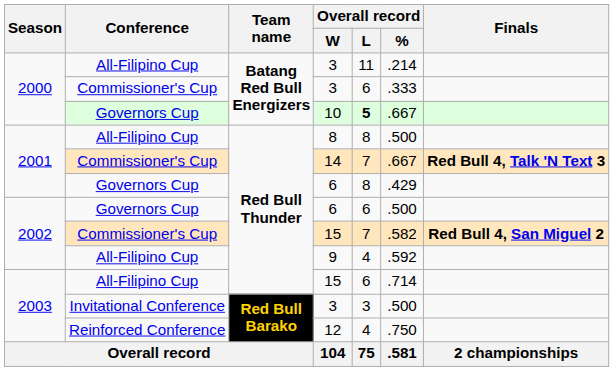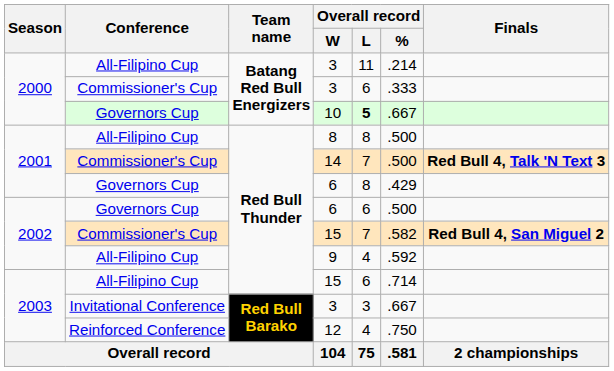 <table class=wikitable style="text-align:center;">
 <tr>
 <th rowspan=2>Season</th>
 <th rowspan=2>Conference</th>
 <th width=60px rowspan=2>Team name</th>
 <th colspan=3>Overall record</th>
 <th rowspan=2>Finals</th>
 </tr>
 <tr>
 <th>W</th>
 <th>L</th>
 <th>%</th>
 </tr>
 <tr>
 <td rowspan=3><a href='#'>2000</a></td>
 <td><a href='#'>All-Filipino Cup</a></td>
 <td rowspan=3><strong>Batang Red Bull Energizers</strong></td>
 <td>3</td>
 <td>11</td>
 <td>.214</td>
 <td></td>
 </tr>
 <tr>
 <td><a href='#'>Commissioner's Cup</a></td>
 <td>3</td>
 <td>6</td>
 <td>.333</td>
 <td></td>
 </tr>
 <tr bgcolor=DDFFDD>
 <td><a href='#'>Governors Cup</a></td>
 <td>10</td>
 <td><strong>5</strong></td>
 <td>.667</td>
 <td></td>
 </tr>
 <tr>
 <td rowspan=3><a href='#'>2001</a></td>
 <td><a href='#'>All-Filipino Cup</a></td>
 <td rowspan=7><strong>Red Bull Thunder</strong></td>
 <td>8</td>
 <td>8</td>
 <td>.500</td>
 <td></td>
 </tr>
 <tr bgcolor=#FFE6BD>
 <td><a href='#'>Commissioner's Cup</a></td>
 <td>14</td>
 <td>7</td>
-<td>.667</td>
+<td>.500</td>
 <td><strong>Red Bull 4, <a href='#'>Talk 'N Text</a> 3</strong></td>
 </tr>
 <tr>
 <td><a href='#'>Governors Cup</a></td>
 <td>6</td>
 <td>8</td>
 <td>.429</td>
 <td></td>
 </tr>
 <tr>
 <td rowspan=3><a href='#'>2002</a></td>
 <td><a href='#'>Governors Cup</a></td>
 <td>6</td>
 <td>6</td>
 <td>.500</td>
 <td></td>
 </tr>
 <tr bgcolor=#FFE6BD>
 <td><a href='#'>Commissioner's Cup</a></td>
 <td>15</td>
 <td>7</td>
 <td>.582</td>
 <td><strong>Red Bull 4, <a href='#'>San Miguel</a> 2</strong></td>
 </tr>
 <tr>
 <td><a href='#'>All-Filipino Cup</a></td>
 <td>9</td>
 <td>4</td>
 <td>.592</td>
 <td></td>
 </tr>
 <tr>
 <td rowspan=3><a href='#'>2003</a></td>
 <td><a href='#'>All-Filipino Cup</a></td>
 <td>15</td>
 <td>6</td>
 <td>.714</td>
 <td></td>
 </tr>
 <tr>
 <td><a href='#'>Invitational Conference</a></td>
 <td rowspan=2 style="background:#000000; color:#FFD300; "><span><strong>Red Bull Barako</strong></span></td>
 <td>3</td>
 <td>3</td>
-<td>.500</td>
+<td>.667</td>
 <td></td>
 </tr>
 <tr>
 <td><a href='#'>Reinforced Conference</a></td>
 <td>12</td>
 <td>4</td>
 <td>.750</td>
 <td></td>
 </tr>
 <tr>
 <th colspan=3>Overall record</th>
 <th>104</th>
 <th>75</th>
 <th>.581</th>
 <th>2 championships</th>
 </tr>
 </table>
